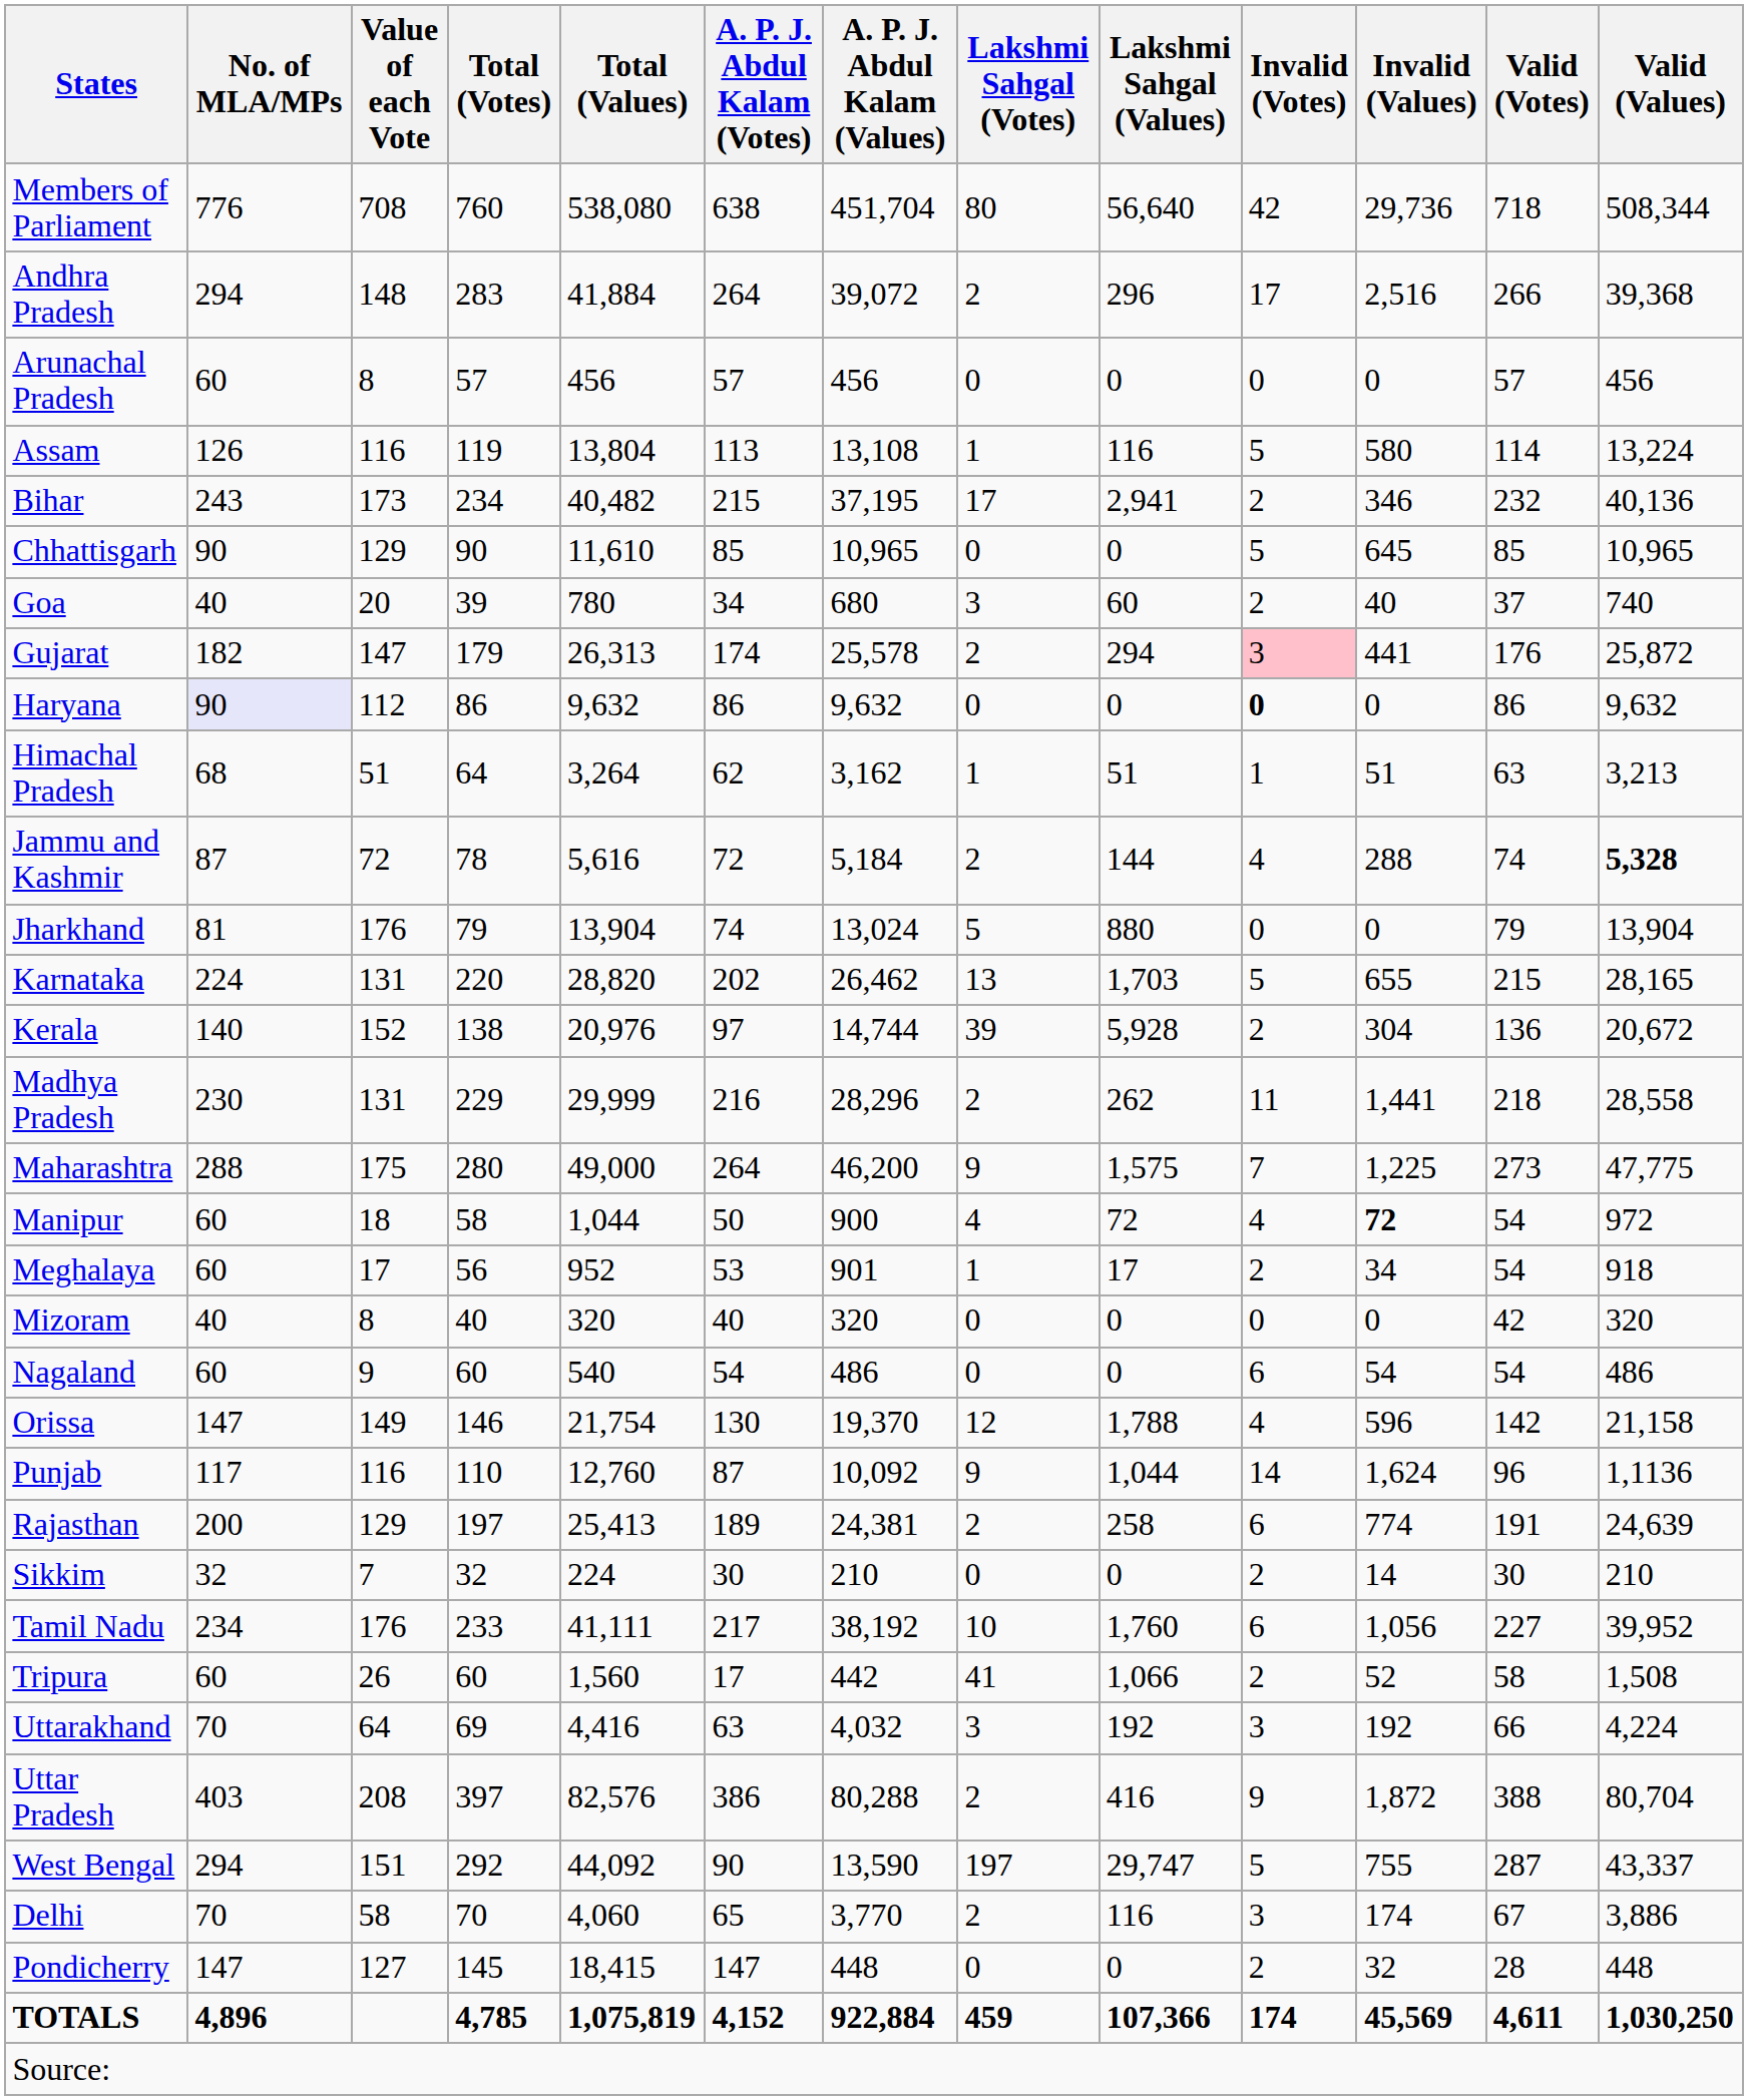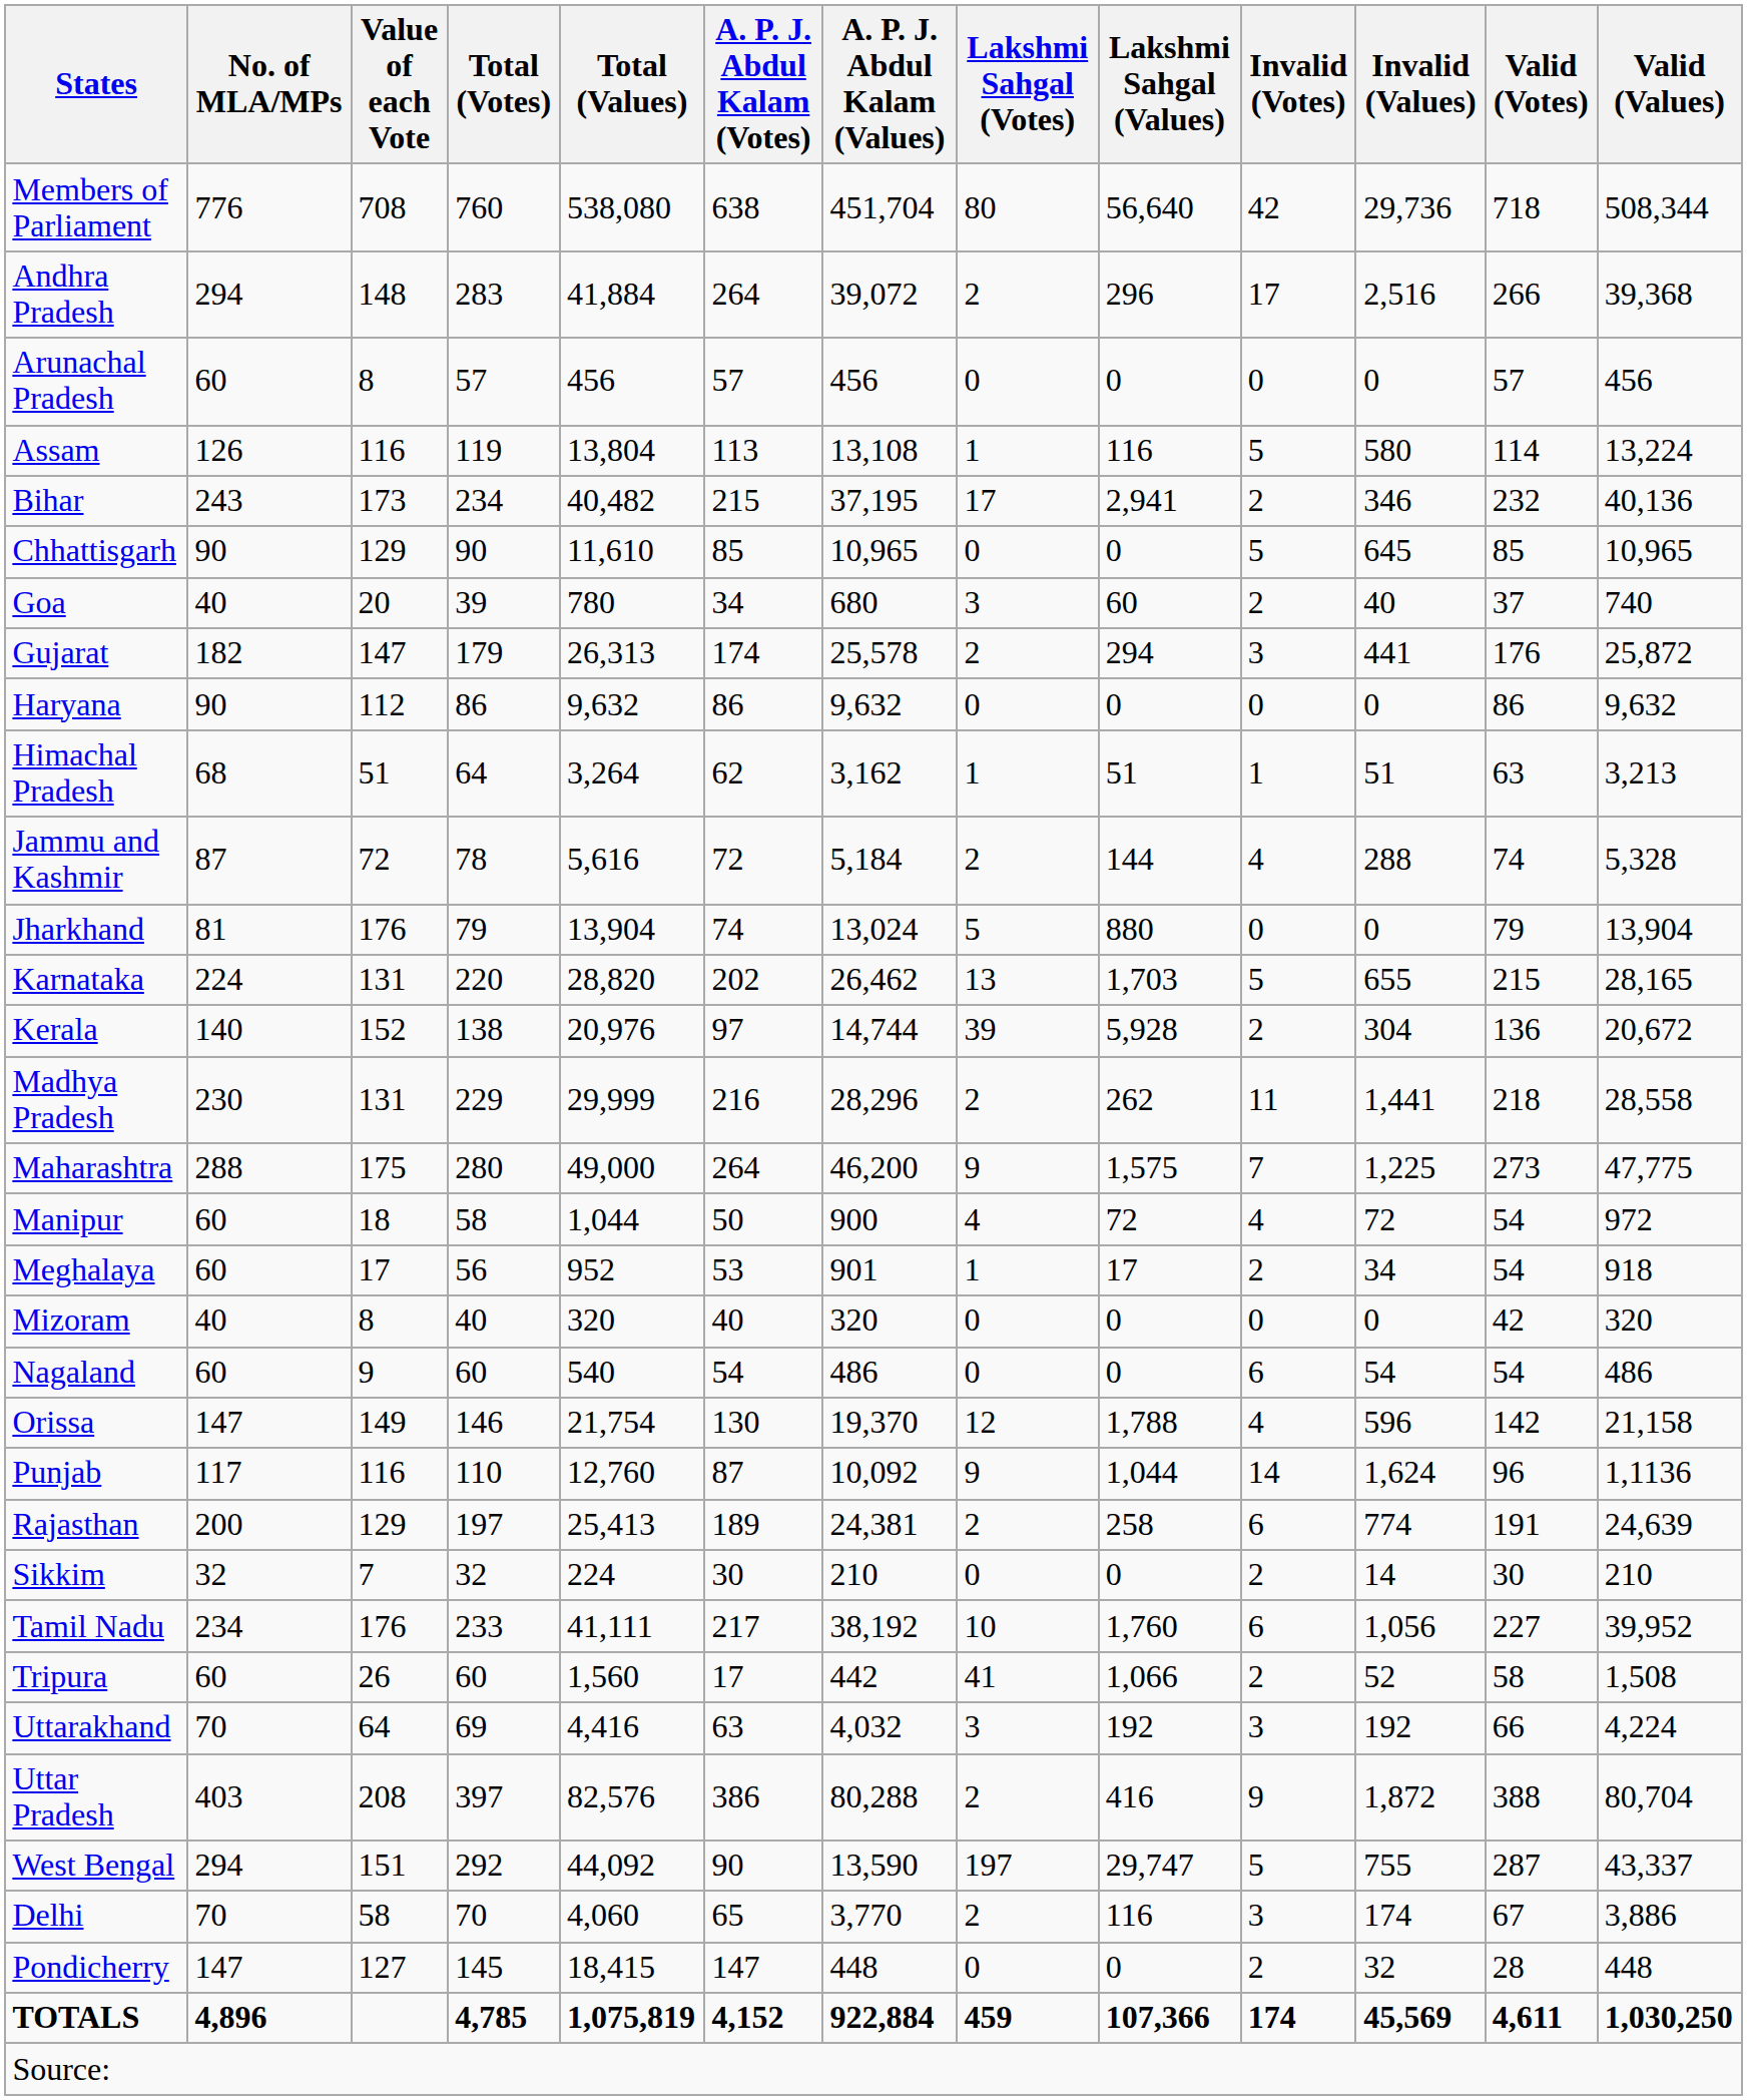 <table class="wikitable" border="1">
 <tr>
 <th><a href='#'>States</a></th>
 <th>No. of MLA/MPs</th>
 <th>Value of each Vote</th>
 <th>Total (Votes)</th>
 <th>Total (Values)</th>
 <th><a href='#'>A. P. J. Abdul Kalam</a> (Votes)</th>
 <th>A. P. J. Abdul Kalam (Values)</th>
 <th><a href='#'>Lakshmi Sahgal</a> (Votes)</th>
 <th>Lakshmi Sahgal (Values)</th>
 <th>Invalid (Votes)</th>
 <th>Invalid (Values)</th>
 <th>Valid (Votes)</th>
 <th>Valid (Values)</th>
 </tr>
 <tr>
 <td><a href='#'>Members of Parliament</a></td>
 <td>776</td>
 <td>708</td>
 <td>760</td>
 <td>538,080</td>
 <td>638</td>
 <td>451,704</td>
 <td>80</td>
 <td>56,640</td>
 <td>42</td>
 <td>29,736</td>
 <td>718</td>
 <td>508,344</td>
 </tr>
 <tr>
 <td><a href='#'>Andhra Pradesh</a></td>
 <td>294</td>
 <td>148</td>
 <td>283</td>
 <td>41,884</td>
 <td>264</td>
 <td>39,072</td>
 <td>2</td>
 <td>296</td>
 <td>17</td>
 <td>2,516</td>
 <td>266</td>
 <td>39,368</td>
 </tr>
 <tr>
 <td><a href='#'>Arunachal Pradesh</a></td>
 <td>60</td>
 <td>8</td>
 <td>57</td>
 <td>456</td>
 <td>57</td>
 <td>456</td>
 <td>0</td>
 <td>0</td>
 <td>0</td>
 <td>0</td>
 <td>57</td>
 <td>456</td>
 </tr>
 <tr>
 <td><a href='#'>Assam</a></td>
 <td>126</td>
 <td>116</td>
 <td>119</td>
 <td>13,804</td>
 <td>113</td>
 <td>13,108</td>
 <td>1</td>
 <td>116</td>
 <td>5</td>
 <td>580</td>
 <td>114</td>
 <td>13,224</td>
 </tr>
 <tr>
 <td><a href='#'>Bihar</a></td>
 <td>243</td>
 <td>173</td>
 <td>234</td>
 <td>40,482</td>
 <td>215</td>
 <td>37,195</td>
 <td>17</td>
 <td>2,941</td>
 <td>2</td>
 <td>346</td>
 <td>232</td>
 <td>40,136</td>
 </tr>
 <tr>
 <td><a href='#'>Chhattisgarh</a></td>
 <td>90</td>
 <td>129</td>
 <td>90</td>
 <td>11,610</td>
 <td>85</td>
 <td>10,965</td>
 <td>0</td>
 <td>0</td>
 <td>5</td>
 <td>645</td>
 <td>85</td>
 <td>10,965</td>
 </tr>
 <tr>
 <td><a href='#'>Goa</a></td>
 <td>40</td>
 <td>20</td>
 <td>39</td>
 <td>780</td>
 <td>34</td>
 <td>680</td>
 <td>3</td>
 <td>60</td>
 <td>2</td>
 <td>40</td>
 <td>37</td>
 <td>740</td>
 </tr>
 <tr>
 <td><a href='#'>Gujarat</a></td>
 <td>182</td>
 <td>147</td>
 <td>179</td>
 <td>26,313</td>
 <td>174</td>
 <td>25,578</td>
 <td>2</td>
 <td>294</td>
-<td style="background: pink;">3</td>
+<td>3</td>
 <td>441</td>
 <td>176</td>
 <td>25,872</td>
 </tr>
 <tr>
 <td><a href='#'>Haryana</a></td>
-<td style="background: lavender;">90</td>
+<td>90</td>
 <td>112</td>
 <td>86</td>
 <td>9,632</td>
 <td>86</td>
 <td>9,632</td>
 <td>0</td>
 <td>0</td>
-<td><strong>0</strong></td>
+<td>0</td>
 <td>0</td>
 <td>86</td>
 <td>9,632</td>
 </tr>
 <tr>
 <td><a href='#'>Himachal Pradesh</a></td>
 <td>68</td>
 <td>51</td>
 <td>64</td>
 <td>3,264</td>
 <td>62</td>
 <td>3,162</td>
 <td>1</td>
 <td>51</td>
 <td>1</td>
 <td>51</td>
 <td>63</td>
 <td>3,213</td>
 </tr>
 <tr>
 <td><a href='#'>Jammu and Kashmir</a></td>
 <td>87</td>
 <td>72</td>
 <td>78</td>
 <td>5,616</td>
 <td>72</td>
 <td>5,184</td>
 <td>2</td>
 <td>144</td>
 <td>4</td>
 <td>288</td>
 <td>74</td>
-<td><strong>5,328</strong></td>
+<td>5,328</td>
 </tr>
 <tr>
 <td><a href='#'>Jharkhand</a></td>
 <td>81</td>
 <td>176</td>
 <td>79</td>
 <td>13,904</td>
 <td>74</td>
 <td>13,024</td>
 <td>5</td>
 <td>880</td>
 <td>0</td>
 <td>0</td>
 <td>79</td>
 <td>13,904</td>
 </tr>
 <tr>
 <td><a href='#'>Karnataka</a></td>
 <td>224</td>
 <td>131</td>
 <td>220</td>
 <td>28,820</td>
 <td>202</td>
 <td>26,462</td>
 <td>13</td>
 <td>1,703</td>
 <td>5</td>
 <td>655</td>
 <td>215</td>
 <td>28,165</td>
 </tr>
 <tr>
 <td><a href='#'>Kerala</a></td>
 <td>140</td>
 <td>152</td>
 <td>138</td>
 <td>20,976</td>
 <td>97</td>
 <td>14,744</td>
 <td>39</td>
 <td>5,928</td>
 <td>2</td>
 <td>304</td>
 <td>136</td>
 <td>20,672</td>
 </tr>
 <tr>
 <td><a href='#'>Madhya Pradesh</a></td>
 <td>230</td>
 <td>131</td>
 <td>229</td>
 <td>29,999</td>
 <td>216</td>
 <td>28,296</td>
 <td>2</td>
 <td>262</td>
 <td>11</td>
 <td>1,441</td>
 <td>218</td>
 <td>28,558</td>
 </tr>
 <tr>
 <td><a href='#'>Maharashtra</a></td>
 <td>288</td>
 <td>175</td>
 <td>280</td>
 <td>49,000</td>
 <td>264</td>
 <td>46,200</td>
 <td>9</td>
 <td>1,575</td>
 <td>7</td>
 <td>1,225</td>
 <td>273</td>
 <td>47,775</td>
 </tr>
 <tr>
 <td><a href='#'>Manipur</a></td>
 <td>60</td>
 <td>18</td>
 <td>58</td>
 <td>1,044</td>
 <td>50</td>
 <td>900</td>
 <td>4</td>
 <td>72</td>
 <td>4</td>
-<td><strong>72</strong></td>
+<td>72</td>
 <td>54</td>
 <td>972</td>
 </tr>
 <tr>
 <td><a href='#'>Meghalaya</a></td>
 <td>60</td>
 <td>17</td>
 <td>56</td>
 <td>952</td>
 <td>53</td>
 <td>901</td>
 <td>1</td>
 <td>17</td>
 <td>2</td>
 <td>34</td>
 <td>54</td>
 <td>918</td>
 </tr>
 <tr>
 <td><a href='#'>Mizoram</a></td>
 <td>40</td>
 <td>8</td>
 <td>40</td>
 <td>320</td>
 <td>40</td>
 <td>320</td>
 <td>0</td>
 <td>0</td>
 <td>0</td>
 <td>0</td>
 <td>42</td>
 <td>320</td>
 </tr>
 <tr>
 <td><a href='#'>Nagaland</a></td>
 <td>60</td>
 <td>9</td>
 <td>60</td>
 <td>540</td>
 <td>54</td>
 <td>486</td>
 <td>0</td>
 <td>0</td>
 <td>6</td>
 <td>54</td>
 <td>54</td>
 <td>486</td>
 </tr>
 <tr>
 <td><a href='#'>Orissa</a></td>
 <td>147</td>
 <td>149</td>
 <td>146</td>
 <td>21,754</td>
 <td>130</td>
 <td>19,370</td>
 <td>12</td>
 <td>1,788</td>
 <td>4</td>
 <td>596</td>
 <td>142</td>
 <td>21,158</td>
 </tr>
 <tr>
 <td><a href='#'>Punjab</a></td>
 <td>117</td>
 <td>116</td>
 <td>110</td>
 <td>12,760</td>
 <td>87</td>
 <td>10,092</td>
 <td>9</td>
 <td>1,044</td>
 <td>14</td>
 <td>1,624</td>
 <td>96</td>
 <td>1,1136</td>
 </tr>
 <tr>
 <td><a href='#'>Rajasthan</a></td>
 <td>200</td>
 <td>129</td>
 <td>197</td>
 <td>25,413</td>
 <td>189</td>
 <td>24,381</td>
 <td>2</td>
 <td>258</td>
 <td>6</td>
 <td>774</td>
 <td>191</td>
 <td>24,639</td>
 </tr>
 <tr>
 <td><a href='#'>Sikkim</a></td>
 <td>32</td>
 <td>7</td>
 <td>32</td>
 <td>224</td>
 <td>30</td>
 <td>210</td>
 <td>0</td>
 <td>0</td>
 <td>2</td>
 <td>14</td>
 <td>30</td>
 <td>210</td>
 </tr>
 <tr>
 <td><a href='#'>Tamil Nadu</a></td>
 <td>234</td>
 <td>176</td>
 <td>233</td>
 <td>41,111</td>
 <td>217</td>
 <td>38,192</td>
 <td>10</td>
 <td>1,760</td>
 <td>6</td>
 <td>1,056</td>
 <td>227</td>
 <td>39,952</td>
 </tr>
 <tr>
 <td><a href='#'>Tripura</a></td>
 <td>60</td>
 <td>26</td>
 <td>60</td>
 <td>1,560</td>
 <td>17</td>
 <td>442</td>
 <td>41</td>
 <td>1,066</td>
 <td>2</td>
 <td>52</td>
 <td>58</td>
 <td>1,508</td>
 </tr>
 <tr>
 <td><a href='#'>Uttarakhand</a></td>
 <td>70</td>
 <td>64</td>
 <td>69</td>
 <td>4,416</td>
 <td>63</td>
 <td>4,032</td>
 <td>3</td>
 <td>192</td>
 <td>3</td>
 <td>192</td>
 <td>66</td>
 <td>4,224</td>
 </tr>
 <tr>
 <td><a href='#'>Uttar Pradesh</a></td>
 <td>403</td>
 <td>208</td>
 <td>397</td>
 <td>82,576</td>
 <td>386</td>
 <td>80,288</td>
 <td>2</td>
 <td>416</td>
 <td>9</td>
 <td>1,872</td>
 <td>388</td>
 <td>80,704</td>
 </tr>
 <tr>
 <td><a href='#'>West Bengal</a></td>
 <td>294</td>
 <td>151</td>
 <td>292</td>
 <td>44,092</td>
 <td>90</td>
 <td>13,590</td>
 <td>197</td>
 <td>29,747</td>
 <td>5</td>
 <td>755</td>
 <td>287</td>
 <td>43,337</td>
 </tr>
 <tr>
 <td><a href='#'>Delhi</a></td>
 <td>70</td>
 <td>58</td>
 <td>70</td>
 <td>4,060</td>
 <td>65</td>
 <td>3,770</td>
 <td>2</td>
 <td>116</td>
 <td>3</td>
 <td>174</td>
 <td>67</td>
 <td>3,886</td>
 </tr>
 <tr>
 <td><a href='#'>Pondicherry</a></td>
 <td>147</td>
 <td>127</td>
 <td>145</td>
 <td>18,415</td>
 <td>147</td>
 <td>448</td>
 <td>0</td>
 <td>0</td>
 <td>2</td>
 <td>32</td>
 <td>28</td>
 <td>448</td>
 </tr>
 <tr>
 <td><strong>TOTALS</strong></td>
 <td><strong>4,896</strong></td>
 <td></td>
 <td><strong>4,785</strong></td>
 <td><strong>1,075,819</strong></td>
 <td><strong>4,152</strong></td>
 <td><strong>922,884</strong></td>
 <td><strong>459</strong></td>
 <td><strong>107,366</strong></td>
 <td><strong>174</strong></td>
 <td><strong>45,569</strong></td>
 <td><strong>4,611</strong></td>
 <td><strong>1,030,250</strong></td>
 </tr>
 <tr>
 <td align=left colspan=13>Source: </td>
 </tr>
 </table>
